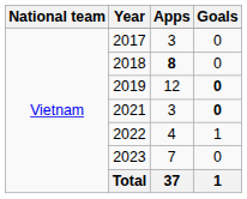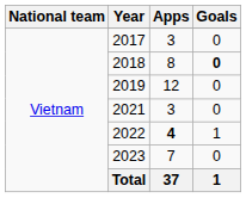 <table class="wikitable" style="text-align:center">
 <tr>
 <th>National team</th>
 <th>Year</th>
 <th>Apps</th>
 <th>Goals</th>
 </tr>
 <tr>
 <td rowspan="11"><a href='#'>Vietnam</a></td>
 </tr>
 <tr>
 <td>2017</td>
 <td>3</td>
 <td>0</td>
 </tr>
 <tr>
 <td>2018</td>
-<td><strong>8</strong></td>
-<td>0</td>
+<td>8</td>
+<td><strong>0</strong></td>
 </tr>
 <tr>
 <td>2019</td>
 <td>12</td>
-<td><strong>0</strong></td>
+<td>0</td>
 </tr>
 <tr>
 <td>2021</td>
 <td>3</td>
-<td><strong>0</strong></td>
+<td>0</td>
 </tr>
 <tr>
 <td>2022</td>
-<td>4</td>
+<td><strong>4</strong></td>
 <td>1</td>
 </tr>
 <tr>
 <td>2023</td>
 <td>7</td>
 <td>0</td>
 </tr>
 <tr>
 <th colspan=1>Total</th>
 <th>37</th>
 <th>1</th>
 </tr>
 </table>
